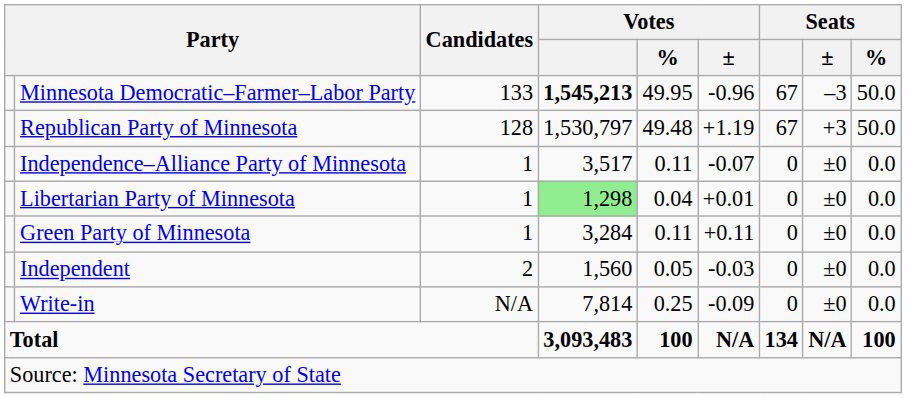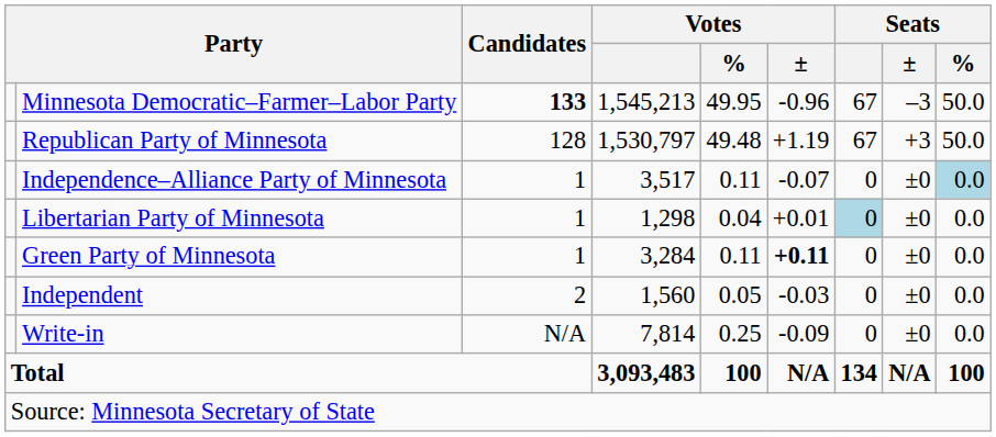 <table class="wikitable">
 <tr>
 <th colspan="2" rowspan="2">Party</th>
 <th rowspan="2">Candidates</th>
 <th colspan="3">Votes</th>
 <th colspan="3">Seats</th>
 </tr>
 <tr>
 <th></th>
 <th>%</th>
 <th>±</th>
 <th></th>
 <th>±</th>
 <th>%</th>
 </tr>
 <tr>
 <td style="background-color:"></td>
 <td><a href='#'>Minnesota Democratic–Farmer–Labor Party</a></td>
-<td align="right">133</td>
-<td align="right"><strong>1,545,213</strong></td>
+<td align="right"><strong>133</strong></td>
+<td align="right">1,545,213</td>
 <td align="right">49.95</td>
 <td align="right">-0.96</td>
 <td align="right">67</td>
 <td align="right">–3</td>
 <td align="right">50.0</td>
 </tr>
 <tr>
 <td style="background-color:"></td>
 <td><a href='#'>Republican Party of Minnesota</a></td>
 <td align="right">128</td>
 <td align="right">1,530,797</td>
 <td align="right">49.48</td>
 <td align="right">+1.19</td>
 <td align="right">67</td>
 <td align="right">+3</td>
 <td align="right">50.0</td>
 </tr>
 <tr>
 <td style="background-color:"></td>
 <td><a href='#'>Independence–Alliance Party of Minnesota</a></td>
 <td align="right">1</td>
 <td align="right">3,517</td>
 <td align="right">0.11</td>
 <td align="right">-0.07</td>
 <td align="right">0</td>
 <td align="right">±0</td>
-<td align="right">0.0</td>
+<td align="right" style="background: lightblue;">0.0</td>
 </tr>
 <tr>
 <td style="background-color:"></td>
 <td><a href='#'>Libertarian Party of Minnesota</a></td>
 <td align="right">1</td>
-<td align="right" style="background: lightgreen;">1,298</td>
+<td align="right">1,298</td>
 <td align="right">0.04</td>
 <td align="right">+0.01</td>
-<td align="right">0</td>
+<td align="right" style="background: lightblue;">0</td>
 <td align="right">±0</td>
 <td align="right">0.0</td>
 </tr>
 <tr>
 <td style="background-color:"></td>
 <td><a href='#'>Green Party of Minnesota</a></td>
 <td align="right">1</td>
 <td align="right">3,284</td>
 <td align="right">0.11</td>
-<td align="right">+0.11</td>
+<td align="right"><strong>+0.11</strong></td>
 <td align="right">0</td>
 <td align="right">±0</td>
 <td align="right">0.0</td>
 </tr>
 <tr>
 <td style="background-color:"></td>
 <td><a href='#'>Independent</a></td>
 <td align="right">2</td>
 <td align="right">1,560</td>
 <td align="right">0.05</td>
 <td align="right">-0.03</td>
 <td align="right">0</td>
 <td align="right">±0</td>
 <td align="right">0.0</td>
 </tr>
 <tr>
 <td style="background-color:"></td>
 <td><a href='#'>Write-in</a></td>
 <td align="right">N/A</td>
 <td align="right">7,814</td>
 <td align="right">0.25</td>
 <td align="right">-0.09</td>
 <td align="right">0</td>
 <td align="right">±0</td>
 <td align="right">0.0</td>
 </tr>
 <tr>
 <td colspan="3"><strong>Total</strong></td>
 <td style="font-weight:bold" align="right">3,093,483</td>
 <td style="font-weight:bold" align="right">100</td>
 <td style="font-weight:bold" align="right">N/A</td>
 <td style="font-weight:bold" align="right">134</td>
 <td style="font-weight:bold" align="right">N/A</td>
 <td style="font-weight:bold" align="right">100</td>
 </tr>
 <tr>
 <td colspan="9">Source: <a href='#'>Minnesota Secretary of State</a></td>
 </tr>
 </table>
